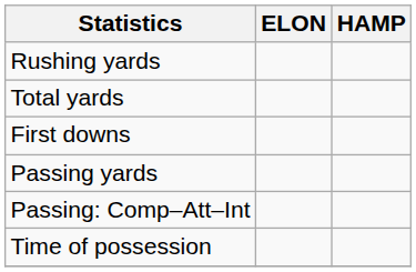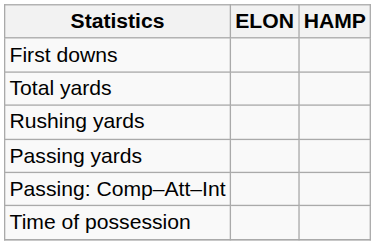 <table class="wikitable" style="float: left;">
 <tr>
 <th>Statistics</th>
 <th>ELON</th>
 <th>HAMP</th>
 </tr>
 <tr>
-<td>Rushing yards</td>
+<td>First downs</td>
 <td></td>
 <td></td>
 </tr>
 <tr>
 <td>Total yards</td>
 <td></td>
 <td></td>
 </tr>
 <tr>
-<td>First downs</td>
+<td>Rushing yards</td>
 <td></td>
 <td></td>
 </tr>
 <tr>
 <td>Passing yards</td>
 <td></td>
 <td></td>
 </tr>
 <tr>
 <td>Passing: Comp–Att–Int</td>
 <td></td>
 <td></td>
 </tr>
 <tr>
 <td>Time of possession</td>
 <td></td>
 <td></td>
 </tr>
 <tr>
 </tr>
 </table>
